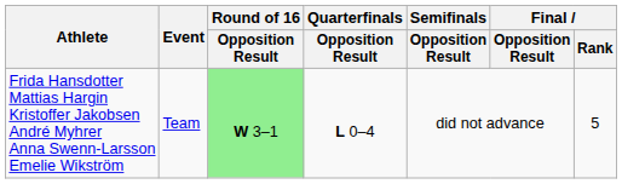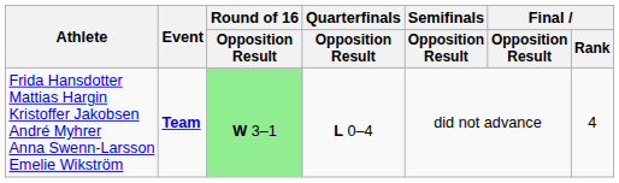 <table class="wikitable" style="font-size:90%">
 <tr>
 <th rowspan="2">Athlete</th>
 <th rowspan="2">Event</th>
 <th>Round of 16</th>
 <th>Quarterfinals</th>
 <th>Semifinals</th>
 <th colspan=2>Final / </th>
 </tr>
 <tr style="font-size:95%">
 <th>Opposition<br>Result</th>
 <th>Opposition<br>Result</th>
 <th>Opposition<br>Result</th>
 <th>Opposition<br>Result</th>
 <th>Rank</th>
 </tr>
 <tr align=center>
 <td align="left"><a href='#'>Frida Hansdotter</a><br><a href='#'>Mattias Hargin</a><br><a href='#'>Kristoffer Jakobsen</a><br><a href='#'>André Myhrer</a><br><a href='#'>Anna Swenn-Larsson</a><br><a href='#'>Emelie Wikström</a></td>
-<td align="left"><a href='#'>Team</a></td>
+<td align="left"><strong><a href='#'>Team</a></strong></td>
 <td style="background: lightgreen;"><br><strong>W</strong> 3–1</td>
 <td><br><strong>L</strong> 0–4</td>
 <td colspan=2>did not advance</td>
-<td>5</td>
+<td>4</td>
 </tr>
 </table>
